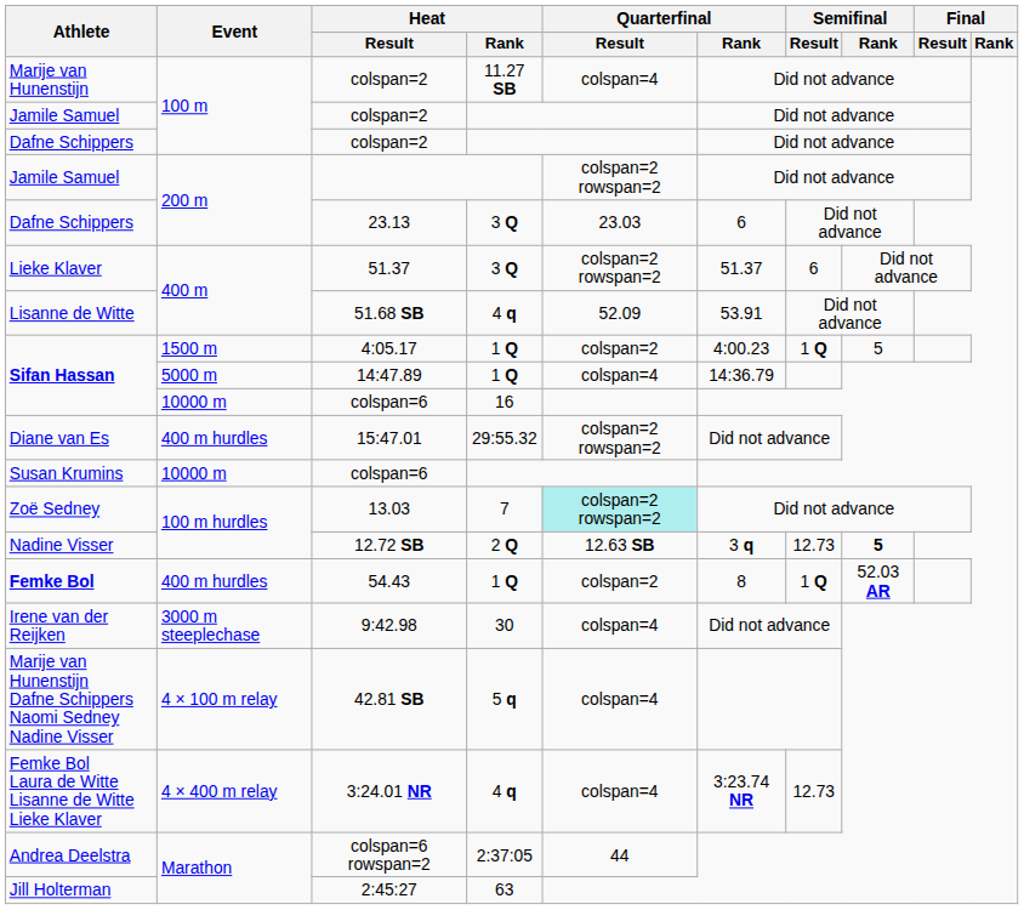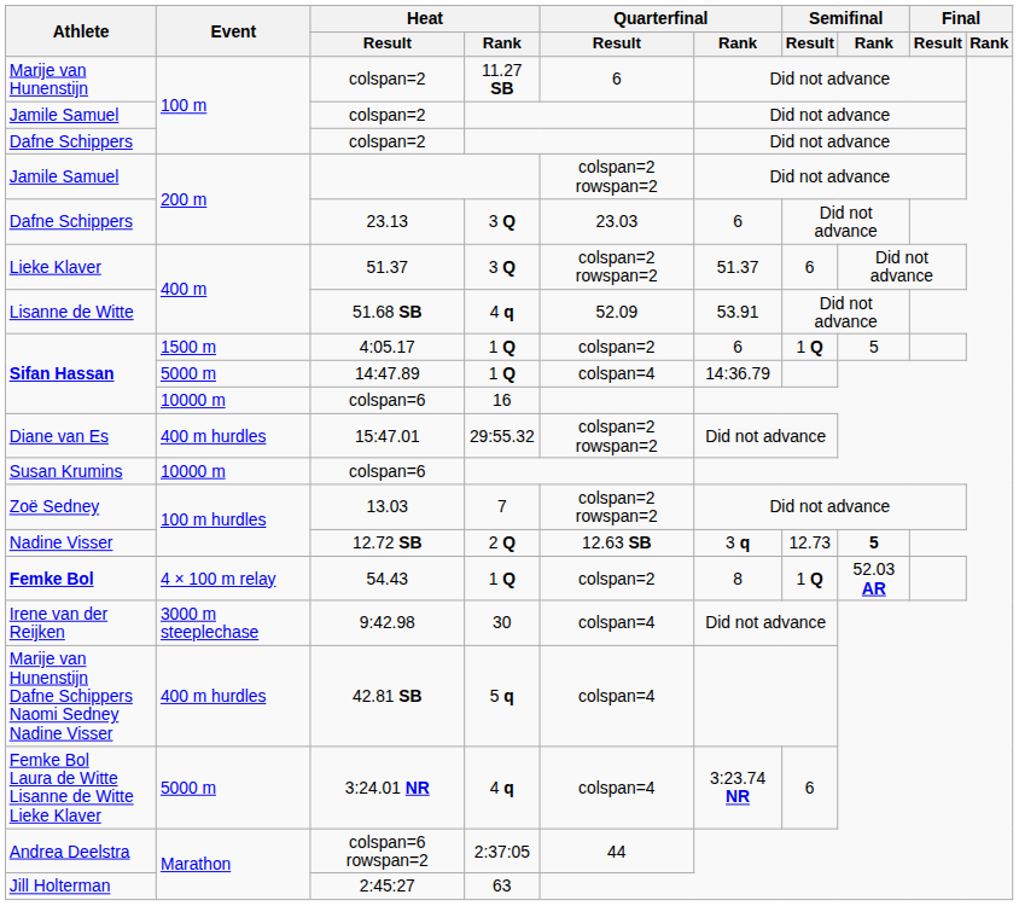 <table class="wikitable" style="font-size:90%">
 <tr>
 <th rowspan="2">Athlete</th>
 <th rowspan="2">Event</th>
 <th colspan="2">Heat</th>
 <th colspan="2">Quarterfinal</th>
 <th colspan="2">Semifinal</th>
 <th colspan="2">Final</th>
 </tr>
 <tr style="font-size:95%">
 <th>Result</th>
 <th>Rank</th>
 <th>Result</th>
 <th>Rank</th>
 <th>Result</th>
 <th>Rank</th>
 <th>Result</th>
 <th>Rank</th>
 </tr>
 <tr align=center>
 <td align=left><a href='#'>Marije van Hunenstijn</a></td>
 <td align=left rowspan=3><a href='#'>100 m</a></td>
 <td>colspan=2 </td>
 <td>11.27 <strong>SB</strong></td>
-<td>colspan=4 </td>
+<td>6</td>
 <td colspan=4>Did not advance</td>
 </tr>
 <tr align=center>
 <td align=left><a href='#'>Jamile Samuel</a></td>
 <td>colspan=2 </td>
 <td colspan=2></td>
 <td colspan=4>Did not advance</td>
 </tr>
 <tr align=center>
 <td align=left><a href='#'>Dafne Schippers</a></td>
 <td>colspan=2 </td>
 <td colspan=2></td>
 <td colspan=4>Did not advance</td>
 </tr>
 <tr align=center>
 <td align=left><a href='#'>Jamile Samuel</a></td>
 <td align=left rowspan=2><a href='#'>200 m</a></td>
 <td colspan=2></td>
 <td>colspan=2 rowspan=2 </td>
 <td colspan=4>Did not advance</td>
 </tr>
 <tr align=center>
 <td align=left><a href='#'>Dafne Schippers</a></td>
 <td>23.13</td>
 <td>3 <strong>Q</strong></td>
 <td>23.03</td>
 <td>6</td>
 <td colspan=2>Did not advance</td>
 </tr>
 <tr align=center>
 <td align=left><a href='#'>Lieke Klaver</a></td>
 <td align=left rowspan=2><a href='#'>400 m</a></td>
 <td>51.37</td>
 <td>3 <strong>Q</strong></td>
 <td>colspan=2 rowspan=2 </td>
 <td>51.37</td>
 <td>6</td>
 <td colspan=2>Did not advance</td>
 </tr>
 <tr align=center>
 <td align=left><a href='#'>Lisanne de Witte</a></td>
 <td>51.68 <strong>SB</strong></td>
 <td>4 <strong>q</strong></td>
 <td>52.09</td>
 <td>53.91</td>
 <td colspan=2>Did not advance</td>
 </tr>
 <tr align=center>
 <td align=left rowspan=3><strong><a href='#'>Sifan Hassan</a></strong></td>
 <td align=left><a href='#'>1500 m</a></td>
 <td>4:05.17</td>
 <td>1 <strong>Q</strong></td>
 <td>colspan=2 </td>
-<td>4:00.23</td>
+<td>6</td>
 <td>1 <strong>Q</strong></td>
 <td>5</td>
 <td></td>
 </tr>
 <tr align=center>
 <td align=left><a href='#'>5000 m</a></td>
 <td>14:47.89</td>
 <td>1 <strong>Q</strong></td>
 <td>colspan=4 </td>
 <td>14:36.79</td>
 <td></td>
 </tr>
 <tr align=center>
 <td align=left><a href='#'>10000 m</a></td>
 <td>colspan=6 </td>
 <td>16</td>
 <td></td>
 </tr>
 <tr align=center>
 <td align=left><a href='#'>Diane van Es</a></td>
 <td align=left><a href='#'>400 m hurdles</a></td>
 <td>15:47.01</td>
 <td>29:55.32</td>
 <td>colspan=2 rowspan=2 </td>
 <td colspan=2>Did not advance</td>
 </tr>
 <tr align=center>
 <td align=left><a href='#'>Susan Krumins</a></td>
 <td align=left><a href='#'>10000 m</a></td>
 <td>colspan=6 </td>
 <td colspan=2></td>
 </tr>
 <tr align=center>
 <td align=left><a href='#'>Zoë Sedney</a></td>
 <td align=left rowspan=2><a href='#'>100 m hurdles</a></td>
 <td>13.03</td>
 <td>7</td>
-<td style="background: paleturquoise;">colspan=2 rowspan=2 </td>
+<td>colspan=2 rowspan=2 </td>
 <td colspan=4>Did not advance</td>
 </tr>
 <tr align=center>
 <td align=left><a href='#'>Nadine Visser</a></td>
 <td>12.72 <strong>SB</strong></td>
 <td>2 <strong>Q</strong></td>
 <td>12.63 <strong>SB</strong></td>
 <td>3 <strong>q</strong></td>
 <td>12.73</td>
 <td><strong>5</strong></td>
 </tr>
 <tr align=center>
 <td align=left><strong><a href='#'>Femke Bol</a></strong></td>
-<td align=left><a href='#'>400 m hurdles</a></td>
+<td align=left><a href='#'>4 × 100 m relay</a></td>
 <td>54.43</td>
 <td>1 <strong>Q</strong></td>
 <td>colspan=2 </td>
 <td>8</td>
 <td>1 <strong>Q</strong></td>
 <td>52.03 <strong><a href='#'>AR</a></strong></td>
 <td></td>
 </tr>
 <tr align=center>
 <td align=left><a href='#'>Irene van der Reijken</a></td>
 <td align=left><a href='#'>3000 m steeplechase</a></td>
 <td>9:42.98</td>
 <td>30</td>
 <td>colspan=4 </td>
 <td colspan=2>Did not advance</td>
 </tr>
 <tr align=center>
 <td align=left><a href='#'>Marije van Hunenstijn</a><br><a href='#'>Dafne Schippers</a><br><a href='#'>Naomi Sedney</a><br><a href='#'>Nadine Visser</a></td>
-<td align=left><a href='#'>4 × 100 m relay</a></td>
+<td align=left><a href='#'>400 m hurdles</a></td>
 <td>42.81 <strong>SB</strong></td>
 <td>5 <strong>q</strong></td>
 <td>colspan=4 </td>
 <td colspan=2></td>
 </tr>
 <tr align=center>
 <td align=left><a href='#'>Femke Bol</a><br><a href='#'>Laura de Witte</a><br><a href='#'>Lisanne de Witte</a><br><a href='#'>Lieke Klaver</a></td>
-<td align=left><a href='#'>4 × 400 m relay</a></td>
+<td align=left><a href='#'>5000 m</a></td>
 <td>3:24.01 <strong><a href='#'>NR</a></strong></td>
 <td>4 <strong>q</strong></td>
 <td>colspan=4 </td>
 <td>3:23.74 <strong><a href='#'>NR</a></strong></td>
-<td>12.73</td>
+<td>6</td>
 </tr>
 <tr align=center>
 <td align=left><a href='#'>Andrea Deelstra</a></td>
 <td align=left rowspan=2><a href='#'>Marathon</a></td>
 <td>colspan=6 rowspan=2</td>
 <td>2:37:05</td>
 <td>44</td>
 </tr>
 <tr align=center>
 <td align=left><a href='#'>Jill Holterman</a></td>
 <td>2:45:27</td>
 <td>63</td>
 </tr>
 </table>
